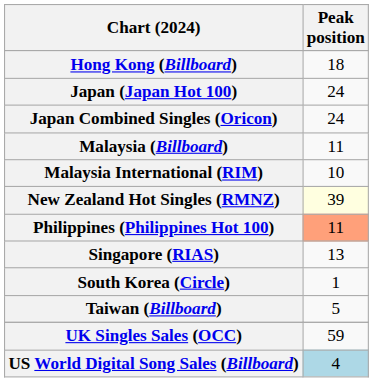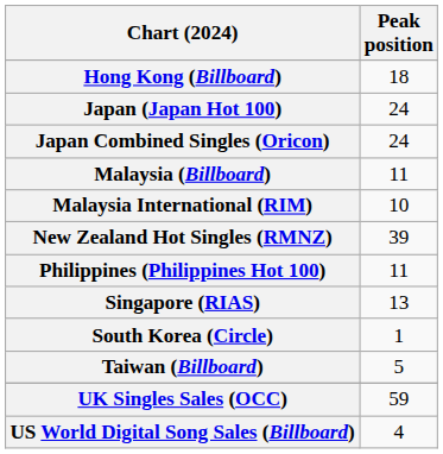 <table class="wikitable sortable plainrowheaders" style="text-align:center">
 <tr>
 <th scope="col">Chart (2024)</th>
 <th scope="col">Peak<br>position</th>
 </tr>
 <tr>
 </tr>
 <tr>
 <th scope="row"><a href='#'>Hong Kong</a> (<em><a href='#'>Billboard</a></em>)</th>
 <td>18</td>
 </tr>
 <tr>
 <th scope="row">Japan (<a href='#'>Japan Hot 100</a>)</th>
 <td>24</td>
 </tr>
 <tr>
 <th scope="row">Japan Combined Singles (<a href='#'>Oricon</a>)</th>
 <td>24</td>
 </tr>
 <tr>
 <th scope="row">Malaysia (<em><a href='#'>Billboard</a></em>)</th>
 <td>11</td>
 </tr>
 <tr>
 <th scope="row">Malaysia International (<a href='#'>RIM</a>)</th>
 <td>10</td>
 </tr>
 <tr>
 <th scope="row">New Zealand Hot Singles (<a href='#'>RMNZ</a>)</th>
-<td style="background: lightyellow;">39</td>
+<td>39</td>
 </tr>
 <tr>
 <th scope="row">Philippines (<a href='#'>Philippines Hot 100</a>)</th>
-<td style="background: lightsalmon;">11</td>
+<td>11</td>
 </tr>
 <tr>
 <th scope="row">Singapore (<a href='#'>RIAS</a>)</th>
 <td>13</td>
 </tr>
 <tr>
 <th scope="row">South Korea (<a href='#'>Circle</a>)</th>
 <td>1</td>
 </tr>
 <tr>
 <th scope="row">Taiwan (<em><a href='#'>Billboard</a></em>)</th>
 <td>5</td>
 </tr>
 <tr>
 </tr>
 <tr>
 <th scope="row"><a href='#'>UK Singles Sales</a> (<a href='#'>OCC</a>)</th>
 <td>59</td>
 </tr>
 <tr>
 <th scope="row">US <a href='#'>World Digital Song Sales</a> (<em><a href='#'>Billboard</a></em>)</th>
-<td style="background: lightblue;">4</td>
+<td>4</td>
 </tr>
 </table>
